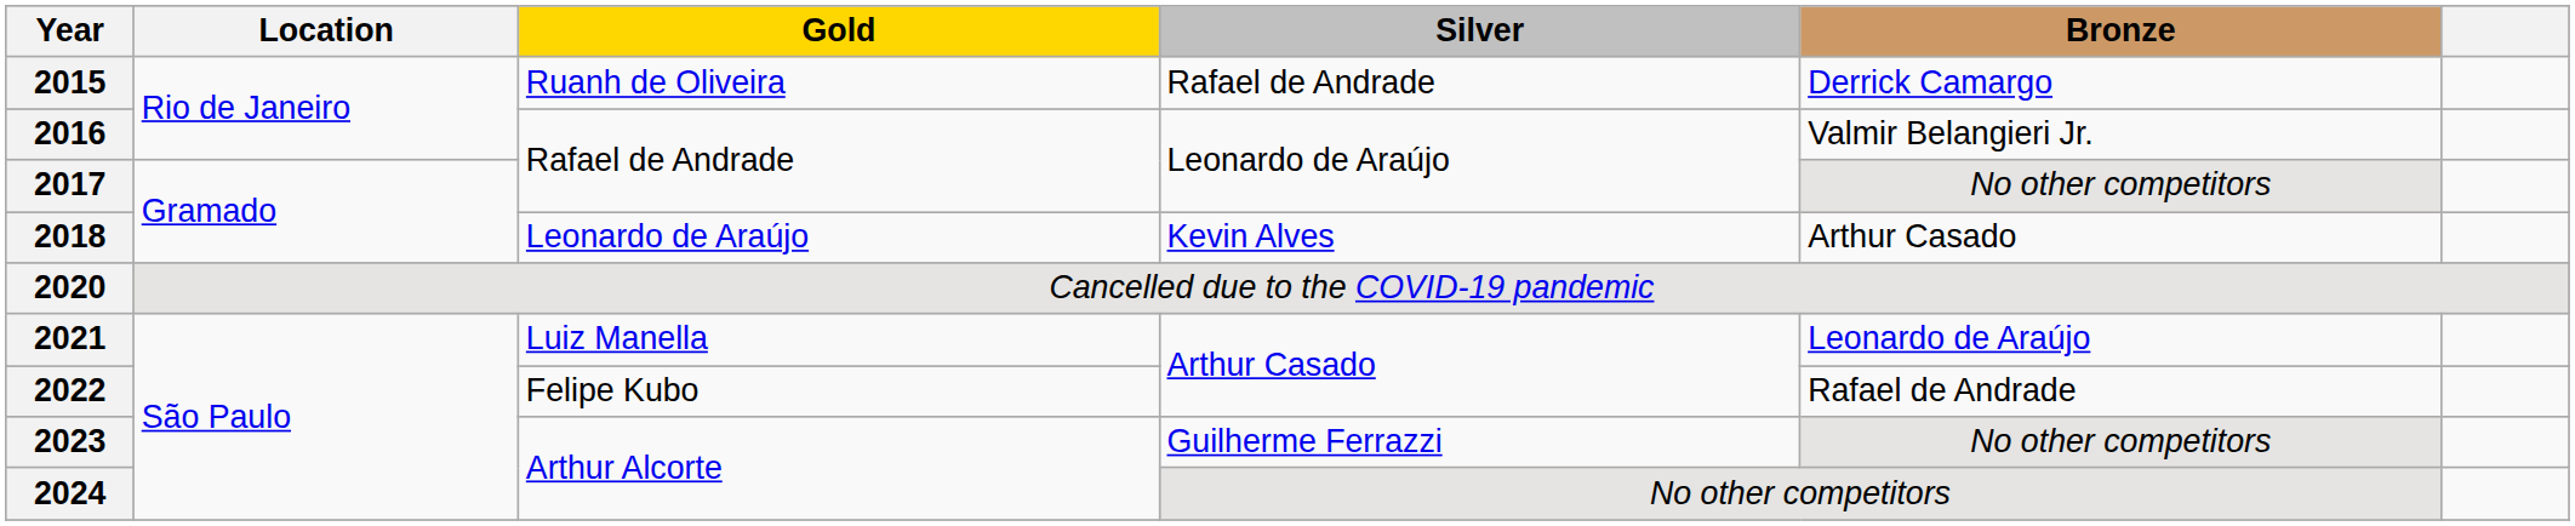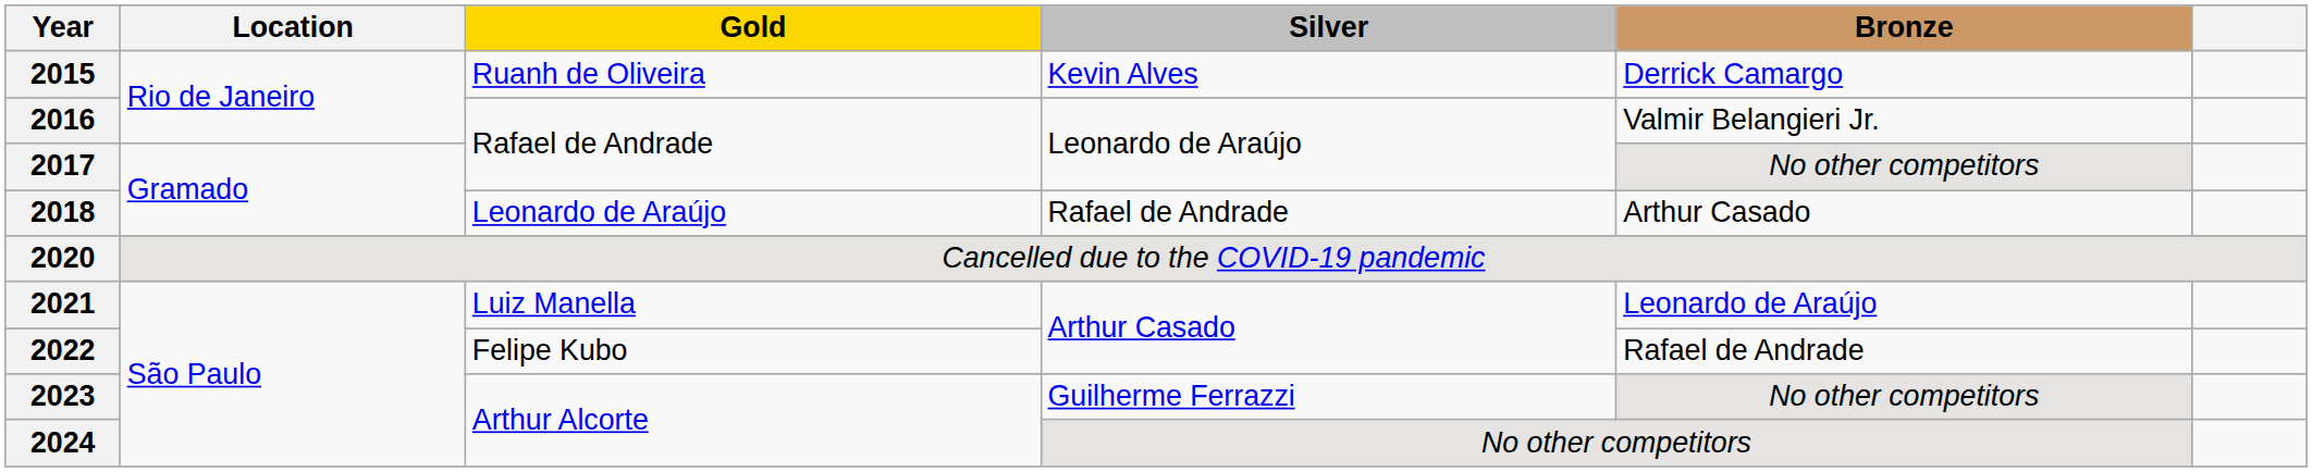 <table class="wikitable unsortable" style="text-align:left; width:80%;">
 <tr>
 <th scope="col" style="text-align:center; width:5%;">Year</th>
 <th scope="col" style="text-align:center; width:15%;">Location</th>
 <td scope="col" style="text-align:center; width:25%; background:gold"><strong>Gold</strong></td>
 <td scope="col" style="text-align:center; width:25%; background:silver"><strong>Silver</strong></td>
 <td scope="col" style="text-align:center; width:25%; background:#c96"><strong>Bronze</strong></td>
 <th scope="col" style="text-align:center; width:5%;"></th>
 </tr>
 <tr>
 <th scope="row">2015</th>
 <td rowspan="2"><a href='#'>Rio de Janeiro</a></td>
 <td><a href='#'>Ruanh de Oliveira</a></td>
-<td>Rafael de Andrade</td>
+<td><a href='#'>Kevin Alves</a></td>
 <td><a href='#'>Derrick Camargo</a></td>
 <td></td>
 </tr>
 <tr>
 <th scope="row">2016</th>
 <td rowspan="2">Rafael de Andrade</td>
 <td rowspan="2">Leonardo de Araújo</td>
 <td>Valmir Belangieri Jr.</td>
 <td></td>
 </tr>
 <tr>
 <th scope="row">2017</th>
 <td rowspan="2"><a href='#'>Gramado</a></td>
 <td align="center" bgcolor="e5e4e2"><em>No other competitors</em></td>
 <td></td>
 </tr>
 <tr>
 <th scope="row">2018</th>
 <td><a href='#'>Leonardo de Araújo</a></td>
-<td><a href='#'>Kevin Alves</a></td>
+<td>Rafael de Andrade</td>
 <td>Arthur Casado</td>
 <td></td>
 </tr>
 <tr>
 <th scope="row">2020</th>
 <td colspan=5 align="center" bgcolor="e5e4e2"><em>Cancelled due to the <a href='#'>COVID-19 pandemic</a></em></td>
 </tr>
 <tr>
 <th scope="row">2021</th>
 <td rowspan="4"><a href='#'>São Paulo</a></td>
 <td><a href='#'>Luiz Manella</a></td>
 <td rowspan="2"><a href='#'>Arthur Casado</a></td>
 <td><a href='#'>Leonardo de Araújo</a></td>
 <td></td>
 </tr>
 <tr>
 <th scope="row">2022</th>
 <td>Felipe Kubo</td>
 <td>Rafael de Andrade</td>
 <td></td>
 </tr>
 <tr>
 <th scope="row">2023</th>
 <td rowspan="2"><a href='#'>Arthur Alcorte</a></td>
 <td><a href='#'>Guilherme Ferrazzi</a></td>
 <td align="center" bgcolor="e5e4e2"><em>No other competitors</em></td>
 <td></td>
 </tr>
 <tr>
 <th scope="row">2024</th>
 <td colspan="2" align="center" bgcolor="e5e4e2"><em>No other competitors</em></td>
 <td></td>
 </tr>
 </table>
